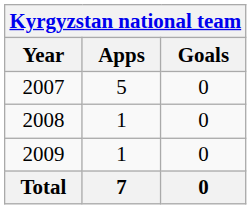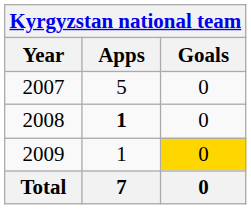 <table class="wikitable" style="text-align:center">
 <tr>
 <th colspan=3><a href='#'>Kyrgyzstan national team</a></th>
 </tr>
 <tr>
 <th>Year</th>
 <th>Apps</th>
 <th>Goals</th>
 </tr>
 <tr>
 <td>2007</td>
 <td>5</td>
 <td>0</td>
 </tr>
 <tr>
 <td>2008</td>
-<td>1</td>
+<td><strong>1</strong></td>
 <td>0</td>
 </tr>
 <tr>
 <td>2009</td>
 <td>1</td>
-<td>0</td>
+<td style="background: gold;">0</td>
 </tr>
 <tr>
 <th>Total</th>
 <th>7</th>
 <th>0</th>
 </tr>
 </table>
